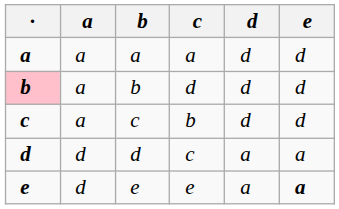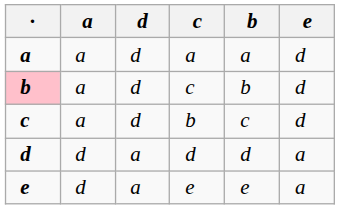 <table class="wikitable" style="margin:1em auto; width:20%;">
 <tr>
 <th>·</th>
 <th><em>a</em></th>
+<th><em>d</em></th>
+<th><em>c</em></th>
 <th><em>b</em></th>
-<th><em>c</em></th>
-<th><em>d</em></th>
 <th><em>e</em></th>
 </tr>
 <tr>
 <td>  <strong> <em>a</em> </strong></td>
 <td>  <em>a</em></td>
+<td>  <em>d</em></td>
 <td>  <em>a</em></td>
 <td>  <em>a</em></td>
-<td>  <em>d</em></td>
 <td>  <em>d</em></td>
 </tr>
 <tr>
 <td style="background: pink;">  <strong> <em>b</em> </strong></td>
 <td>  <em>a</em></td>
+<td>  <em>d</em></td>
+<td>  <em>c</em></td>
 <td>  <em>b</em></td>
-<td>  <em>d</em></td>
-<td>  <em>d</em></td>
 <td>  <em>d</em></td>
 </tr>
 <tr>
 <td>  <strong> <em>c</em> </strong></td>
 <td>  <em>a</em></td>
+<td>  <em>d</em></td>
+<td>  <em>b</em></td>
 <td>  <em>c</em></td>
-<td>  <em>b</em></td>
-<td>  <em>d</em></td>
 <td>  <em>d</em></td>
 </tr>
 <tr>
 <td>  <strong> <em>d</em> </strong></td>
 <td>  <em>d</em></td>
+<td>  <em>a</em></td>
 <td>  <em>d</em></td>
-<td>  <em>c</em></td>
-<td>  <em>a</em></td>
+<td>  <em>d</em></td>
 <td>  <em>a</em></td>
 </tr>
 <tr>
 <td>  <strong> <em>e</em> </strong></td>
 <td>  <em>d</em></td>
+<td>  <em>a</em></td>
 <td>  <em>e</em></td>
 <td>  <em>e</em></td>
 <td>  <em>a</em></td>
-<td><strong>  <em>a</em></strong></td>
 </tr>
 </table>
